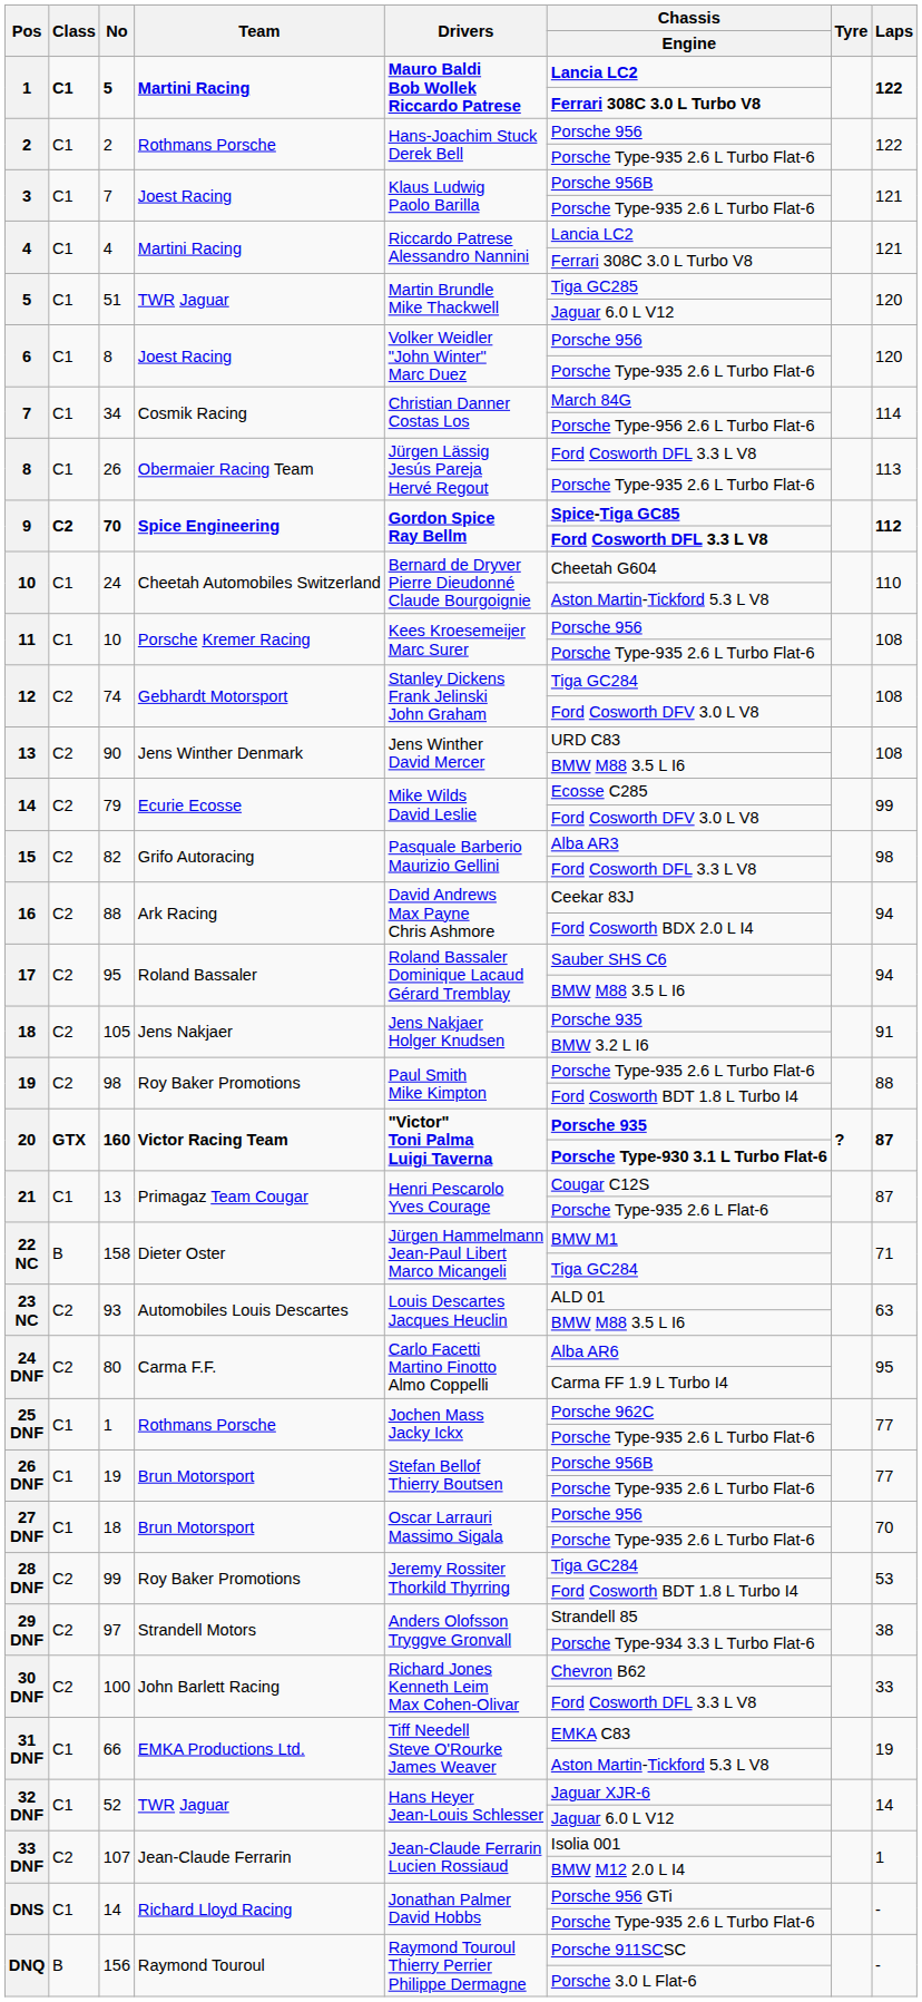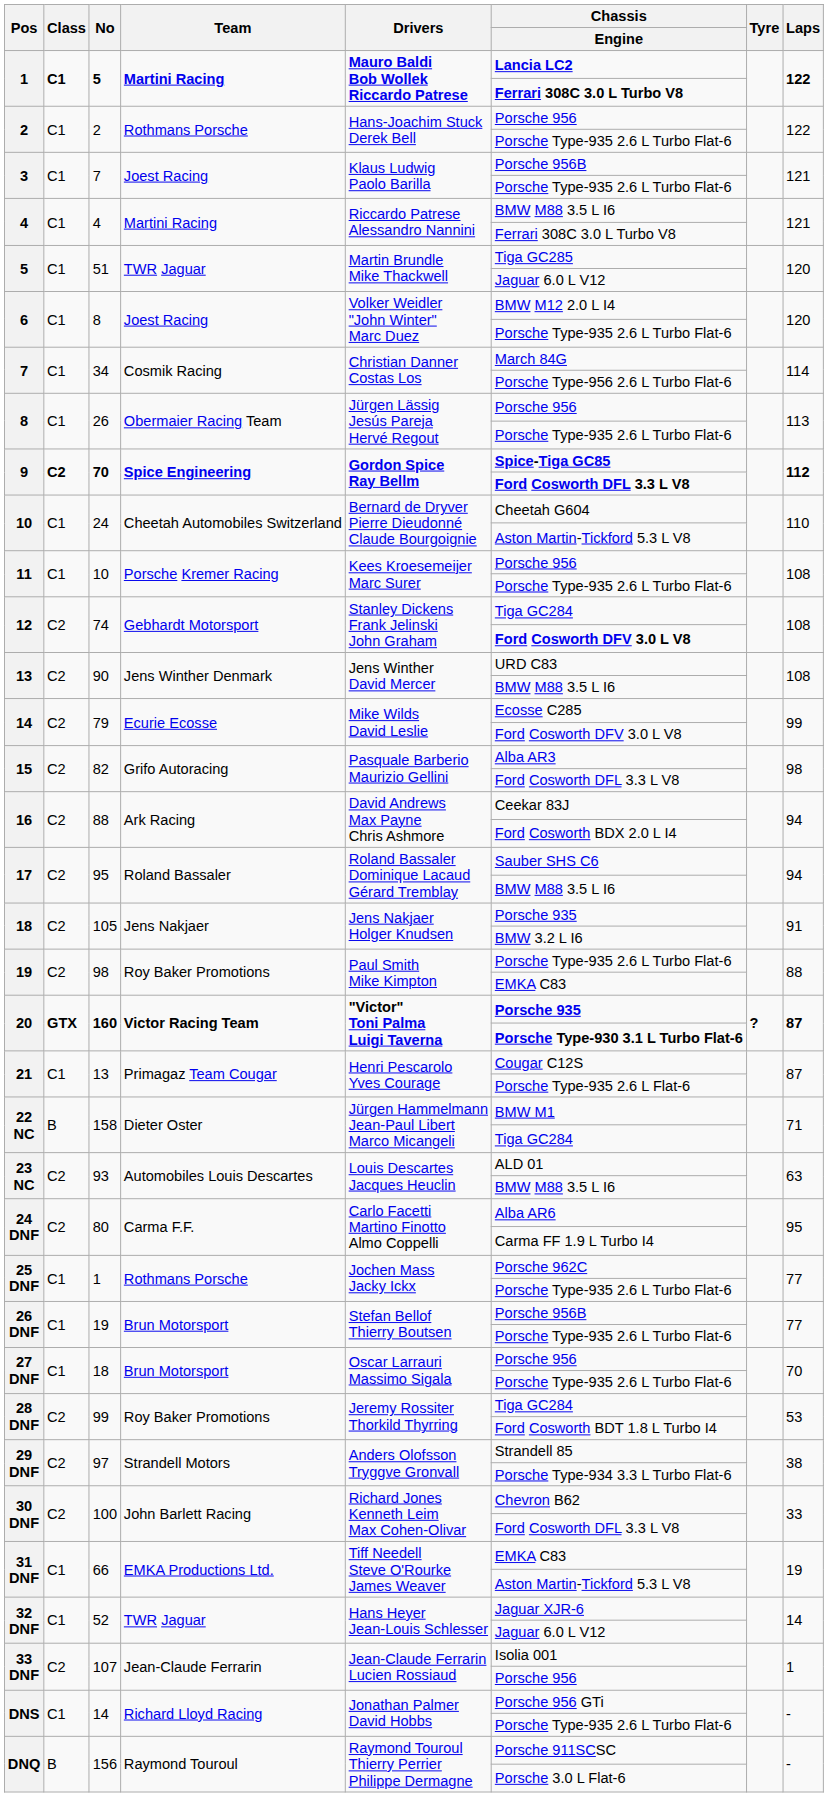 <table class="wikitable" style="font-size: 95%;">
 <tr>
 <th rowspan=2>Pos</th>
 <th rowspan=2>Class</th>
 <th rowspan=2>No</th>
 <th rowspan=2>Team</th>
 <th rowspan=2>Drivers</th>
 <th>Chassis</th>
 <th rowspan=2>Tyre</th>
 <th rowspan=2>Laps</th>
 </tr>
 <tr>
 <th>Engine</th>
 </tr>
 <tr style="font-weight:bold">
 <th rowspan=2>1</th>
 <td rowspan=2>C1</td>
 <td rowspan=2>5</td>
 <td rowspan=2> <a href='#'>Martini Racing</a></td>
 <td rowspan=2> <a href='#'>Mauro Baldi</a><br> <a href='#'>Bob Wollek</a><br> <a href='#'>Riccardo Patrese</a></td>
 <td><a href='#'>Lancia LC2</a></td>
 <td rowspan=2></td>
 <td rowspan=2>122</td>
 </tr>
 <tr style="font-weight:bold">
 <td><a href='#'>Ferrari</a> 308C 3.0 L Turbo V8</td>
 </tr>
 <tr>
 <th rowspan=2>2</th>
 <td rowspan=2>C1</td>
 <td rowspan=2>2</td>
 <td rowspan=2> <a href='#'>Rothmans Porsche</a></td>
 <td rowspan=2> <a href='#'>Hans-Joachim Stuck</a><br> <a href='#'>Derek Bell</a></td>
 <td><a href='#'>Porsche 956</a></td>
 <td rowspan=2></td>
 <td rowspan=2>122</td>
 </tr>
 <tr>
 <td><a href='#'>Porsche</a> Type-935 2.6 L Turbo Flat-6</td>
 </tr>
 <tr>
 <th rowspan=2>3</th>
 <td rowspan=2>C1</td>
 <td rowspan=2>7</td>
 <td rowspan=2> <a href='#'>Joest Racing</a></td>
 <td rowspan=2> <a href='#'>Klaus Ludwig</a><br> <a href='#'>Paolo Barilla</a></td>
 <td><a href='#'>Porsche 956B</a></td>
 <td rowspan=2></td>
 <td rowspan=2>121</td>
 </tr>
 <tr>
 <td><a href='#'>Porsche</a> Type-935 2.6 L Turbo Flat-6</td>
 </tr>
 <tr>
 <th rowspan=2>4</th>
 <td rowspan=2>C1</td>
 <td rowspan=2>4</td>
 <td rowspan=2> <a href='#'>Martini Racing</a></td>
 <td rowspan=2> <a href='#'>Riccardo Patrese</a><br> <a href='#'>Alessandro Nannini</a></td>
-<td><a href='#'>Lancia LC2</a></td>
+<td><a href='#'>BMW</a> <a href='#'>M88</a> 3.5 L I6</td>
 <td rowspan=2></td>
 <td rowspan=2>121</td>
 </tr>
 <tr>
 <td><a href='#'>Ferrari</a> 308C 3.0 L Turbo V8</td>
 </tr>
 <tr>
 <th rowspan=2>5</th>
 <td rowspan=2>C1</td>
 <td rowspan=2>51</td>
 <td rowspan=2> <a href='#'>TWR</a> <a href='#'>Jaguar</a></td>
 <td rowspan=2> <a href='#'>Martin Brundle</a><br> <a href='#'>Mike Thackwell</a></td>
 <td><a href='#'>Tiga GC285</a></td>
 <td rowspan=2></td>
 <td rowspan=2>120</td>
 </tr>
 <tr>
 <td><a href='#'>Jaguar</a> 6.0 L V12</td>
 </tr>
 <tr>
 <th rowspan=2>6</th>
 <td rowspan=2>C1</td>
 <td rowspan=2>8</td>
 <td rowspan=2> <a href='#'>Joest Racing</a></td>
 <td rowspan=2> <a href='#'>Volker Weidler</a><br> <a href='#'>"John Winter"</a><br> <a href='#'>Marc Duez</a></td>
-<td><a href='#'>Porsche 956</a></td>
+<td><a href='#'>BMW</a> <a href='#'>M12</a> 2.0 L I4</td>
 <td rowspan=2></td>
 <td rowspan=2>120</td>
 </tr>
 <tr>
 <td><a href='#'>Porsche</a> Type-935 2.6 L Turbo Flat-6</td>
 </tr>
 <tr>
 <th rowspan=2>7</th>
 <td rowspan=2>C1</td>
 <td rowspan=2>34</td>
 <td rowspan=2> Cosmik Racing</td>
 <td rowspan=2> <a href='#'>Christian Danner</a><br> <a href='#'>Costas Los</a></td>
 <td><a href='#'>March 84G</a></td>
 <td rowspan=2></td>
 <td rowspan=2>114</td>
 </tr>
 <tr>
 <td><a href='#'>Porsche</a> Type-956 2.6 L Turbo Flat-6</td>
 </tr>
 <tr>
 <th rowspan=2>8</th>
 <td rowspan=2>C1</td>
 <td rowspan=2>26</td>
 <td rowspan=2> <a href='#'>Obermaier Racing</a> Team</td>
 <td rowspan=2> <a href='#'>Jürgen Lässig</a><br> <a href='#'>Jesús Pareja</a><br> <a href='#'>Hervé Regout</a></td>
-<td><a href='#'>Ford</a> <a href='#'>Cosworth DFL</a> 3.3 L V8</td>
+<td><a href='#'>Porsche 956</a></td>
 <td rowspan=2></td>
 <td rowspan=2>113</td>
 </tr>
 <tr>
 <td><a href='#'>Porsche</a> Type-935 2.6 L Turbo Flat-6</td>
 </tr>
 <tr style="font-weight:bold">
 <th rowspan=2>9</th>
 <td rowspan=2>C2</td>
 <td rowspan=2>70</td>
 <td rowspan=2> <a href='#'>Spice Engineering</a></td>
 <td rowspan=2> <a href='#'>Gordon Spice</a><br> <a href='#'>Ray Bellm</a></td>
 <td><a href='#'>Spice</a>-<a href='#'>Tiga GC85</a></td>
 <td rowspan=2></td>
 <td rowspan=2>112</td>
 </tr>
 <tr style="font-weight:bold">
 <td><a href='#'>Ford</a> <a href='#'>Cosworth DFL</a> 3.3 L V8</td>
 </tr>
 <tr>
 <th rowspan=2>10</th>
 <td rowspan=2>C1</td>
 <td rowspan=2>24</td>
 <td rowspan=2> Cheetah Automobiles Switzerland</td>
 <td rowspan=2> <a href='#'>Bernard de Dryver</a><br> <a href='#'>Pierre Dieudonné</a><br> <a href='#'>Claude Bourgoignie</a></td>
 <td>Cheetah G604</td>
 <td rowspan=2></td>
 <td rowspan=2>110</td>
 </tr>
 <tr>
 <td><a href='#'>Aston Martin</a>-<a href='#'>Tickford</a> 5.3 L V8</td>
 </tr>
 <tr>
 <th rowspan=2>11</th>
 <td rowspan=2>C1</td>
 <td rowspan=2>10</td>
 <td rowspan=2> <a href='#'>Porsche</a> <a href='#'>Kremer Racing</a></td>
 <td rowspan=2> <a href='#'>Kees Kroesemeijer</a><br> <a href='#'>Marc Surer</a></td>
 <td><a href='#'>Porsche 956</a></td>
 <td rowspan=2></td>
 <td rowspan=2>108</td>
 </tr>
 <tr>
 <td><a href='#'>Porsche</a> Type-935 2.6 L Turbo Flat-6</td>
 </tr>
 <tr>
 <th rowspan=2>12</th>
 <td rowspan=2>C2</td>
 <td rowspan=2>74</td>
 <td rowspan=2> <a href='#'>Gebhardt Motorsport</a></td>
 <td rowspan=2> <a href='#'>Stanley Dickens</a><br> <a href='#'>Frank Jelinski</a><br> <a href='#'>John Graham</a></td>
 <td><a href='#'>Tiga GC284</a></td>
 <td rowspan=2></td>
 <td rowspan=2>108</td>
 </tr>
 <tr>
-<td><a href='#'>Ford</a> <a href='#'>Cosworth DFV</a> 3.0 L V8</td>
+<td><strong><a href='#'>Ford</a> <a href='#'>Cosworth DFV</a> 3.0 L V8</strong></td>
 </tr>
 <tr>
 <th rowspan=2>13</th>
 <td rowspan=2>C2</td>
 <td rowspan=2>90</td>
 <td rowspan=2> Jens Winther Denmark</td>
 <td rowspan=2> Jens Winther<br> <a href='#'>David Mercer</a></td>
 <td>URD C83</td>
 <td rowspan=2></td>
 <td rowspan=2>108</td>
 </tr>
 <tr>
 <td><a href='#'>BMW</a> <a href='#'>M88</a> 3.5 L I6</td>
 </tr>
 <tr>
 <th rowspan=2>14</th>
 <td rowspan=2>C2</td>
 <td rowspan=2>79</td>
 <td rowspan=2> <a href='#'>Ecurie Ecosse</a></td>
 <td rowspan=2> <a href='#'>Mike Wilds</a><br> <a href='#'>David Leslie</a></td>
 <td><a href='#'>Ecosse</a> C285</td>
 <td rowspan=2></td>
 <td rowspan=2>99</td>
 </tr>
 <tr>
 <td><a href='#'>Ford</a> <a href='#'>Cosworth DFV</a> 3.0 L V8</td>
 </tr>
 <tr>
 <th rowspan=2>15</th>
 <td rowspan=2>C2</td>
 <td rowspan=2>82</td>
 <td rowspan=2> Grifo Autoracing</td>
 <td rowspan=2> <a href='#'>Pasquale Barberio</a><br> <a href='#'>Maurizio Gellini</a></td>
 <td><a href='#'>Alba AR3</a></td>
 <td rowspan=2></td>
 <td rowspan=2>98</td>
 </tr>
 <tr>
 <td><a href='#'>Ford</a> <a href='#'>Cosworth DFL</a> 3.3 L V8</td>
 </tr>
 <tr>
 <th rowspan=2>16</th>
 <td rowspan=2>C2</td>
 <td rowspan=2>88</td>
 <td rowspan=2> Ark Racing</td>
 <td rowspan=2> <a href='#'>David Andrews</a><br> <a href='#'>Max Payne</a><br> Chris Ashmore</td>
 <td>Ceekar 83J</td>
 <td rowspan=2></td>
 <td rowspan=2>94</td>
 </tr>
 <tr>
 <td><a href='#'>Ford</a> <a href='#'>Cosworth</a> BDX 2.0 L I4</td>
 </tr>
 <tr>
 <th rowspan=2>17</th>
 <td rowspan=2>C2</td>
 <td rowspan=2>95</td>
 <td rowspan=2> Roland Bassaler</td>
 <td rowspan=2> <a href='#'>Roland Bassaler</a><br> <a href='#'>Dominique Lacaud</a><br> <a href='#'>Gérard Tremblay</a></td>
 <td><a href='#'>Sauber SHS C6</a></td>
 <td rowspan=2></td>
 <td rowspan=2>94</td>
 </tr>
 <tr>
 <td><a href='#'>BMW</a> <a href='#'>M88</a> 3.5 L I6</td>
 </tr>
 <tr>
 <th rowspan=2>18</th>
 <td rowspan=2>C2</td>
 <td rowspan=2>105</td>
 <td rowspan=2> Jens Nakjaer</td>
 <td rowspan=2> <a href='#'>Jens Nakjaer</a><br> <a href='#'>Holger Knudsen</a></td>
 <td><a href='#'>Porsche 935</a></td>
 <td rowspan=2></td>
 <td rowspan=2>91</td>
 </tr>
 <tr>
 <td><a href='#'>BMW</a> 3.2 L I6</td>
 </tr>
 <tr>
 <th rowspan=2>19</th>
 <td rowspan=2>C2</td>
 <td rowspan=2>98</td>
 <td rowspan=2> Roy Baker Promotions</td>
 <td rowspan=2> <a href='#'>Paul Smith</a><br> <a href='#'>Mike Kimpton</a></td>
 <td><a href='#'>Porsche</a> Type-935 2.6 L Turbo Flat-6</td>
 <td rowspan=2></td>
 <td rowspan=2>88</td>
 </tr>
 <tr>
-<td><a href='#'>Ford</a> <a href='#'>Cosworth</a> BDT 1.8 L Turbo I4</td>
+<td><a href='#'>EMKA</a> C83</td>
 </tr>
 <tr style="font-weight:bold">
 <th rowspan=2>20</th>
 <td rowspan=2>GTX</td>
 <td rowspan=2>160</td>
 <td rowspan=2> Victor Racing Team</td>
 <td rowspan=2> "Victor"<br> <a href='#'>Toni Palma</a><br> <a href='#'>Luigi Taverna</a></td>
 <td><a href='#'>Porsche 935</a></td>
 <td rowspan=2>?</td>
 <td rowspan=2>87</td>
 </tr>
 <tr style="font-weight:bold">
 <td><a href='#'>Porsche</a> Type-930 3.1 L Turbo Flat-6</td>
 </tr>
 <tr>
 <th rowspan=2>21</th>
 <td rowspan=2>C1</td>
 <td rowspan=2>13</td>
 <td rowspan=2> Primagaz <a href='#'>Team Cougar</a></td>
 <td rowspan=2> <a href='#'>Henri Pescarolo</a><br> <a href='#'>Yves Courage</a></td>
 <td><a href='#'>Cougar</a> C12S</td>
 <td rowspan=2></td>
 <td rowspan=2>87</td>
 </tr>
 <tr>
 <td><a href='#'>Porsche</a> Type-935 2.6 L Flat-6</td>
 </tr>
 <tr>
 <th rowspan=2>22<br>NC</th>
 <td rowspan=2>B</td>
 <td rowspan=2>158</td>
 <td rowspan=2> Dieter Oster</td>
 <td rowspan=2> <a href='#'>Jürgen Hammelmann</a><br> <a href='#'>Jean-Paul Libert</a><br> <a href='#'>Marco Micangeli</a></td>
 <td><a href='#'>BMW M1</a></td>
 <td rowspan=2></td>
 <td rowspan=2>71</td>
 </tr>
 <tr>
 <td><a href='#'>Tiga GC284</a></td>
 </tr>
 <tr>
 <th rowspan=2>23<br>NC</th>
 <td rowspan=2>C2</td>
 <td rowspan=2>93</td>
 <td rowspan=2> Automobiles Louis Descartes</td>
 <td rowspan=2> <a href='#'>Louis Descartes</a><br> <a href='#'>Jacques Heuclin</a></td>
 <td>ALD 01</td>
 <td rowspan=2></td>
 <td rowspan=2>63</td>
 </tr>
 <tr>
 <td><a href='#'>BMW</a> <a href='#'>M88</a> 3.5 L I6</td>
 </tr>
 <tr>
 <th rowspan=2>24<br>DNF</th>
 <td rowspan=2>C2</td>
 <td rowspan=2>80</td>
 <td rowspan=2> Carma F.F.</td>
 <td rowspan=2> <a href='#'>Carlo Facetti</a><br> <a href='#'>Martino Finotto</a><br> Almo Coppelli</td>
 <td><a href='#'>Alba AR6</a></td>
 <td rowspan=2></td>
 <td rowspan=2>95</td>
 </tr>
 <tr>
 <td>Carma FF 1.9 L Turbo I4</td>
 </tr>
 <tr>
 <th rowspan=2>25<br>DNF</th>
 <td rowspan=2>C1</td>
 <td rowspan=2>1</td>
 <td rowspan=2> <a href='#'>Rothmans Porsche</a></td>
 <td rowspan=2> <a href='#'>Jochen Mass</a><br> <a href='#'>Jacky Ickx</a></td>
 <td><a href='#'>Porsche 962C</a></td>
 <td rowspan=2></td>
 <td rowspan=2>77</td>
 </tr>
 <tr>
 <td><a href='#'>Porsche</a> Type-935 2.6 L Turbo Flat-6</td>
 </tr>
 <tr>
 <th rowspan=2>26<br>DNF</th>
 <td rowspan=2>C1</td>
 <td rowspan=2>19</td>
 <td rowspan=2> <a href='#'>Brun Motorsport</a></td>
 <td rowspan=2> <a href='#'>Stefan Bellof</a><br> <a href='#'>Thierry Boutsen</a></td>
 <td><a href='#'>Porsche 956B</a></td>
 <td rowspan=2></td>
 <td rowspan=2>77</td>
 </tr>
 <tr>
 <td><a href='#'>Porsche</a> Type-935 2.6 L Turbo Flat-6</td>
 </tr>
 <tr>
 <th rowspan=2>27<br>DNF</th>
 <td rowspan=2>C1</td>
 <td rowspan=2>18</td>
 <td rowspan=2> <a href='#'>Brun Motorsport</a></td>
 <td rowspan=2> <a href='#'>Oscar Larrauri</a><br> <a href='#'>Massimo Sigala</a></td>
 <td><a href='#'>Porsche 956</a></td>
 <td rowspan=2></td>
 <td rowspan=2>70</td>
 </tr>
 <tr>
 <td><a href='#'>Porsche</a> Type-935 2.6 L Turbo Flat-6</td>
 </tr>
 <tr>
 <th rowspan=2>28<br>DNF</th>
 <td rowspan=2>C2</td>
 <td rowspan=2>99</td>
 <td rowspan=2> Roy Baker Promotions</td>
 <td rowspan=2> <a href='#'>Jeremy Rossiter</a><br> <a href='#'>Thorkild Thyrring</a></td>
 <td><a href='#'>Tiga GC284</a></td>
 <td rowspan=2></td>
 <td rowspan=2>53</td>
 </tr>
 <tr>
 <td><a href='#'>Ford</a> <a href='#'>Cosworth</a> BDT 1.8 L Turbo I4</td>
 </tr>
 <tr>
 <th rowspan=2>29<br>DNF</th>
 <td rowspan=2>C2</td>
 <td rowspan=2>97</td>
 <td rowspan=2> Strandell Motors</td>
 <td rowspan=2> <a href='#'>Anders Olofsson</a><br> <a href='#'>Tryggve Gronvall</a></td>
 <td>Strandell 85</td>
 <td rowspan=2></td>
 <td rowspan=2>38</td>
 </tr>
 <tr>
 <td><a href='#'>Porsche</a> Type-934 3.3 L Turbo Flat-6</td>
 </tr>
 <tr>
 <th rowspan=2>30<br>DNF</th>
 <td rowspan=2>C2</td>
 <td rowspan=2>100</td>
 <td rowspan=2> John Barlett Racing</td>
 <td rowspan=2> <a href='#'>Richard Jones</a><br> <a href='#'>Kenneth Leim</a><br> <a href='#'>Max Cohen-Olivar</a></td>
 <td><a href='#'>Chevron</a> B62</td>
 <td rowspan=2></td>
 <td rowspan=2>33</td>
 </tr>
 <tr>
 <td><a href='#'>Ford</a> <a href='#'>Cosworth DFL</a> 3.3 L V8</td>
 </tr>
 <tr>
 <th rowspan=2>31<br>DNF</th>
 <td rowspan=2>C1</td>
 <td rowspan=2>66</td>
 <td rowspan=2> <a href='#'>EMKA Productions Ltd.</a></td>
 <td rowspan=2> <a href='#'>Tiff Needell</a><br> <a href='#'>Steve O'Rourke</a><br> <a href='#'>James Weaver</a></td>
 <td><a href='#'>EMKA</a> C83</td>
 <td rowspan=2></td>
 <td rowspan=2>19</td>
 </tr>
 <tr>
 <td><a href='#'>Aston Martin</a>-<a href='#'>Tickford</a> 5.3 L V8</td>
 </tr>
 <tr>
 <th rowspan=2>32<br>DNF</th>
 <td rowspan=2>C1</td>
 <td rowspan=2>52</td>
 <td rowspan=2> <a href='#'>TWR</a> <a href='#'>Jaguar</a></td>
 <td rowspan=2> <a href='#'>Hans Heyer</a><br> <a href='#'>Jean-Louis Schlesser</a></td>
 <td><a href='#'>Jaguar XJR-6</a></td>
 <td rowspan=2></td>
 <td rowspan=2>14</td>
 </tr>
 <tr>
 <td><a href='#'>Jaguar</a> 6.0 L V12</td>
 </tr>
 <tr>
 <th rowspan=2>33<br>DNF</th>
 <td rowspan=2>C2</td>
 <td rowspan=2>107</td>
 <td rowspan=2> Jean-Claude Ferrarin</td>
 <td rowspan=2> <a href='#'>Jean-Claude Ferrarin</a><br> <a href='#'>Lucien Rossiaud</a></td>
 <td>Isolia 001</td>
 <td rowspan=2></td>
 <td rowspan=2>1</td>
 </tr>
 <tr>
-<td><a href='#'>BMW</a> <a href='#'>M12</a> 2.0 L I4</td>
+<td><a href='#'>Porsche 956</a></td>
 </tr>
 <tr>
 <th rowspan=2>DNS</th>
 <td rowspan=2>C1</td>
 <td rowspan=2>14</td>
 <td rowspan=2> <a href='#'>Richard Lloyd Racing</a></td>
 <td rowspan=2> <a href='#'>Jonathan Palmer</a><br> <a href='#'>David Hobbs</a></td>
 <td><a href='#'>Porsche 956</a> GTi</td>
 <td rowspan=2></td>
 <td rowspan=2>-</td>
 </tr>
 <tr>
 <td><a href='#'>Porsche</a> Type-935 2.6 L Turbo Flat-6</td>
 </tr>
 <tr>
 <th rowspan=2>DNQ</th>
 <td rowspan=2>B</td>
 <td rowspan=2>156</td>
 <td rowspan=2> Raymond Touroul</td>
 <td rowspan=2> <a href='#'>Raymond Touroul</a><br> <a href='#'>Thierry Perrier</a><br> <a href='#'>Philippe Dermagne</a></td>
 <td><a href='#'>Porsche 911SC</a>SC</td>
 <td rowspan=2></td>
 <td rowspan=2>-</td>
 </tr>
 <tr>
 <td><a href='#'>Porsche</a> 3.0 L Flat-6</td>
 </tr>
 </table>
